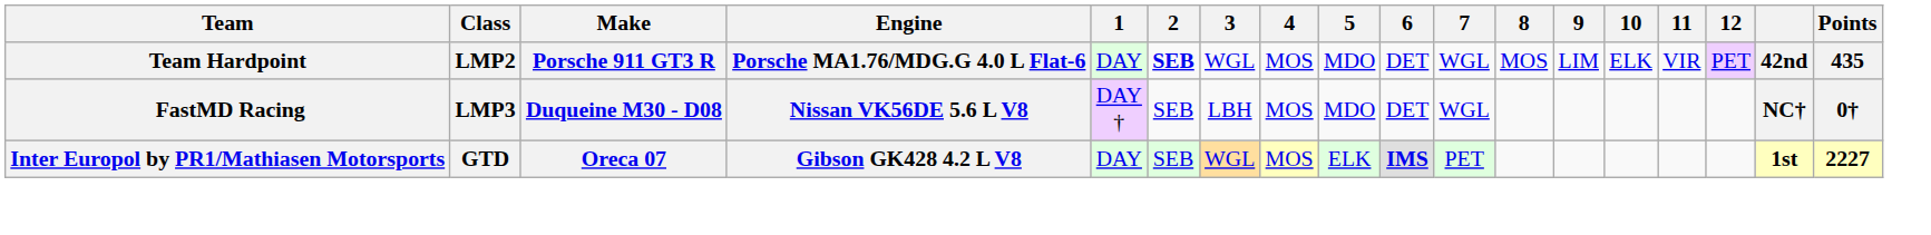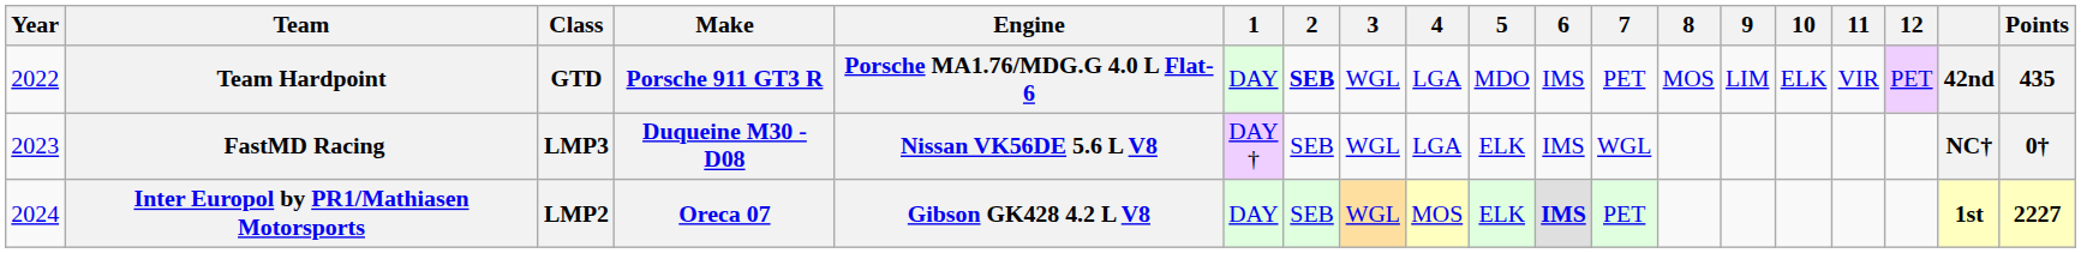 <table class="wikitable" style="text-align:center; font-size:90%">
 <tr>
+<th>Year</th>
 <th>Team</th>
 <th>Class</th>
 <th>Make</th>
 <th>Engine</th>
 <th>1</th>
 <th>2</th>
 <th>3</th>
 <th>4</th>
 <th>5</th>
 <th>6</th>
 <th>7</th>
 <th>8</th>
 <th>9</th>
 <th>10</th>
 <th>11</th>
 <th>12</th>
 <th></th>
 <th>Points</th>
 </tr>
 <tr>
+<td><a href='#'>2022</a></td>
 <th>Team Hardpoint</th>
-<th>LMP2</th>
+<th>GTD</th>
 <th><a href='#'>Porsche 911 GT3 R</a></th>
 <th><a href='#'>Porsche</a> MA1.76/MDG.G 4.0 L <a href='#'>Flat-6</a></th>
 <td style="background:#DFFFDF;"><a href='#'>DAY</a><br></td>
 <td style="background:#;”"><strong><a href='#'>SEB</a><br></strong></td>
 <td style="background:#;"><a href='#'>WGL</a><br></td>
-<td style="background:#;"><a href='#'>MOS</a><br></td>
+<td style="background:#;”"><a href='#'>LGA</a><br></td>
 <td style="background:#;”"><a href='#'>MDO</a><br></td>
-<td style="background:#;”"><a href='#'>DET</a><br></td>
-<td style="background:#;”"><a href='#'>WGL</a><br></td>
+<td style="background:#;"><a href='#'>IMS</a><br></td>
+<td style="background:#;"><a href='#'>PET</a><br></td>
 <td style="background:#;”"><a href='#'>MOS</a><br></td>
 <td style="background:#;”"><a href='#'>LIM</a><br></td>
 <td style="background:#;”"><a href='#'>ELK</a><br></td>
 <td style="background:#;”"><a href='#'>VIR</a><br></td>
 <td style="background:#EFCFFF;"><a href='#'>PET</a><br></td>
 <th>42nd</th>
 <th>435</th>
 </tr>
 <tr>
+<td><a href='#'>2023</a></td>
 <th> FastMD Racing</th>
 <th>LMP3</th>
 <th><a href='#'>Duqueine M30 - D08</a></th>
 <th><a href='#'>Nissan VK56DE</a> 5.6 L <a href='#'>V8</a></th>
 <td style="background:#EFCFFF;"><a href='#'>DAY</a><br>†</td>
 <td style="background:#;"><a href='#'>SEB</a><br></td>
-<td style="background:#;”"><a href='#'>LBH</a><br></td>
-<td style="background:#;"><a href='#'>MOS</a><br></td>
-<td style="background:#;”"><a href='#'>MDO</a><br></td>
-<td style="background:#;”"><a href='#'>DET</a><br></td>
+<td style="background:#;"><a href='#'>WGL</a><br></td>
+<td style="background:#;”"><a href='#'>LGA</a><br></td>
+<td style="background:#;"><a href='#'>ELK</a><br></td>
+<td style="background:#;"><a href='#'>IMS</a><br></td>
 <td style="background:#;”"><a href='#'>WGL</a><br></td>
 <td></td>
 <td></td>
 <td></td>
 <td></td>
 <td></td>
 <th>NC†</th>
 <th>0†</th>
 </tr>
 <tr>
+<td><a href='#'>2024</a></td>
 <th><a href='#'>Inter Europol</a> by <a href='#'>PR1/Mathiasen Motorsports</a></th>
-<th>GTD</th>
+<th>LMP2</th>
 <th><a href='#'>Oreca 07</a></th>
 <th><a href='#'>Gibson</a> GK428 4.2 L <a href='#'>V8</a></th>
 <td style="background:#DFFFDF;"><a href='#'>DAY</a><br></td>
 <td style="background:#DFFFDF;"><a href='#'>SEB</a><br></td>
 <td style="background:#FFDF9F;"><a href='#'>WGL</a><br></td>
 <td style="background:#FFFFBF;"><a href='#'>MOS</a><br></td>
 <td style="background:#DFFFDF;"><a href='#'>ELK</a><br></td>
 <td style="background:#DFDFDF;"><strong><a href='#'>IMS</a></strong><br></td>
 <td style="background:#DFFFDF;"><a href='#'>PET</a><br></td>
 <td></td>
 <td></td>
 <td></td>
 <td></td>
 <td></td>
 <th style="background:#FFFFBF;">1st</th>
 <th style="background:#FFFFBF;">2227</th>
 </tr>
 </table>
